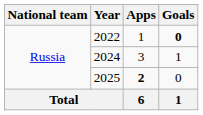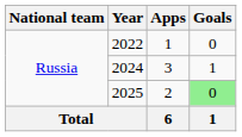 <table class="wikitable" style="text-align:center">
 <tr>
 <th>National team</th>
 <th>Year</th>
 <th>Apps</th>
 <th>Goals</th>
 </tr>
 <tr>
 <td rowspan="3"><a href='#'>Russia</a></td>
 <td>2022</td>
 <td>1</td>
-<td><strong>0</strong></td>
+<td>0</td>
 </tr>
 <tr>
 <td>2024</td>
 <td>3</td>
 <td>1</td>
 </tr>
 <tr>
 <td>2025</td>
-<td><strong>2</strong></td>
-<td>0</td>
+<td>2</td>
+<td style="background: lightgreen;">0</td>
 </tr>
 <tr>
 <th colspan="2">Total</th>
 <th>6</th>
 <th>1</th>
 </tr>
 </table>
